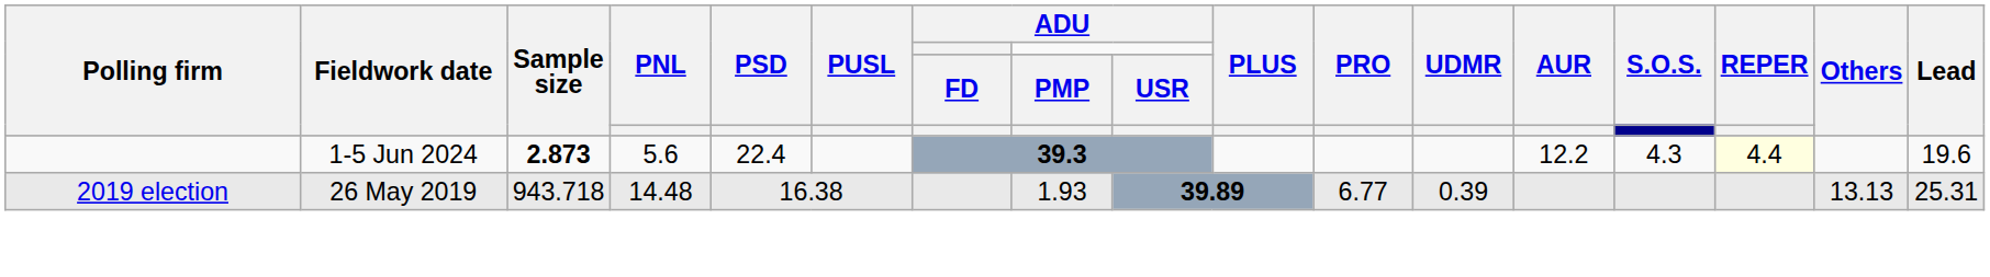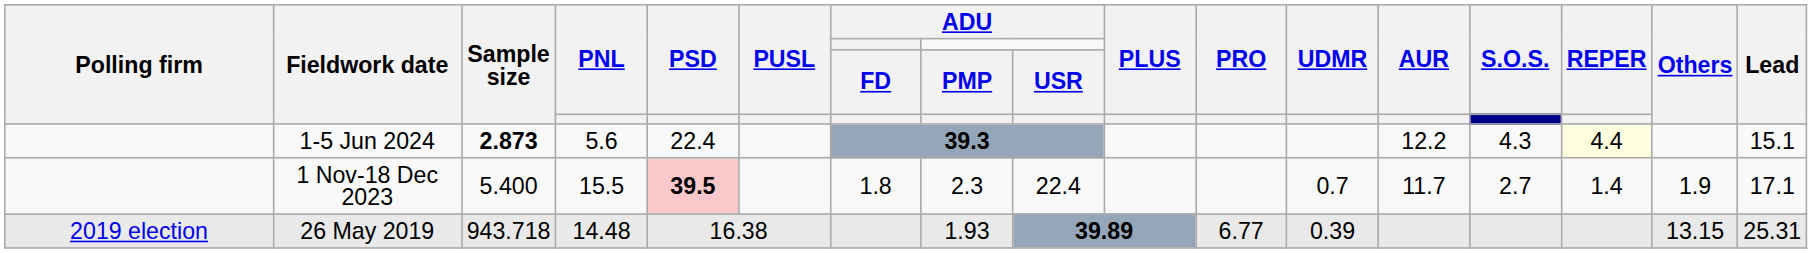 <table class="wikitable sortable" style="text-align:center;font-size:90%;line-height:14px;">
 <tr>
 <th rowspan="4" style="width:160px;">Polling firm</th>
 <th rowspan="4" style="width:110px;">Fieldwork date</th>
 <th rowspan="4">Sample<br>size</th>
 <th rowspan="3"class="unsortable" style="width:50px;"><a href='#'>PNL</a><br></th>
 <th rowspan="3"class="unsortable" style="width:50px;"><a href='#'>PSD</a><br></th>
 <th rowspan="3"class="unsortable" style="width:50px;"><a href='#'>PUSL</a><br></th>
 <th colspan="3"><a href='#'>ADU</a></th>
 <th rowspan="3"class="unsortable" style="width:50px;"><a href='#'>PLUS</a><br></th>
 <th rowspan="3"class="unsortable" style="width:50px;"><a href='#'>PRO</a><br></th>
 <th rowspan="3"class="unsortable" style="width:50px;"><a href='#'>UDMR</a><br></th>
 <th rowspan="3"class="unsortable" style="width:50px;"><a href='#'>AUR</a><br></th>
 <th rowspan="3"class="unsortable" style="width:50px;"><a href='#'>S.O.S.</a><br></th>
 <th rowspan="3"class="unsortable" style="width:50px;"><a href='#'>REPER</a><br></th>
 <th rowspan="4"><a href='#'>Others</a></th>
 <th rowspan="4" style="width:30px;">Lead</th>
 </tr>
 <tr>
 <th style="background:"></th>
 </tr>
 <tr style="height:40px;">
 <th class="unsortable" style="width:50px;"><a href='#'>FD</a><br></th>
 <th class="unsortable" style="width:50px;"><a href='#'>PMP</a><br></th>
 <th class="unsortable" style="width:50px;"><a href='#'>USR</a><br></th>
 </tr>
 <tr>
 <th style="background:"></th>
 <th style="background:"></th>
 <th style="background:"></th>
 <th style="background:"></th>
 <th style="background:"></th>
 <th style="background:"></th>
 <th style="background:"></th>
 <th style="background:"></th>
 <th style="background:"></th>
 <th style="background:"></th>
 <th style="background:darkblue"></th>
 <th style="background:"></th>
 </tr>
 <tr>
 <td></td>
 <td>1-5 Jun 2024</td>
 <td><strong>2.873</strong></td>
 <td>5.6</td>
 <td>22.4</td>
 <td></td>
 <td colspan="3" style="background:#95a6b8;"><strong>39.3</strong></td>
 <td></td>
 <td></td>
 <td></td>
 <td>12.2</td>
 <td>4.3</td>
 <td style="background: lightyellow;">4.4</td>
 <td></td>
-<td style="background:">19.6</td>
+<td style="background:">15.1</td>
+</tr>
+<tr>
+<td></td>
+<td>1 Nov-18 Dec 2023</td>
+<td>5.400</td>
+<td>15.5</td>
+<td style="background:#F9C8CA;"><strong>39.5</strong></td>
+<td></td>
+<td>1.8</td>
+<td>2.3</td>
+<td>22.4</td>
+<td></td>
+<td></td>
+<td>0.7</td>
+<td>11.7</td>
+<td>2.7</td>
+<td>1.4</td>
+<td>1.9</td>
+<td style="background:">17.1</td>
 </tr>
 <tr style="background:#E9E9E9;">
 <td><a href='#'>2019 election</a></td>
 <td data-sort-value="2019-05-26">26 May 2019</td>
 <td>943.718</td>
 <td>14.48</td>
 <td colspan="2">16.38</td>
 <td></td>
 <td>1.93</td>
 <td colspan="2" style="background:#95a6b8;"><strong>39.89</strong></td>
 <td>6.77</td>
 <td>0.39</td>
 <td></td>
 <td></td>
 <td></td>
-<td>13.13</td>
+<td>13.15</td>
 <td style="background:">25.31</td>
 </tr>
 </table>
